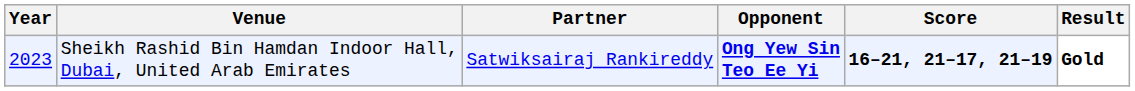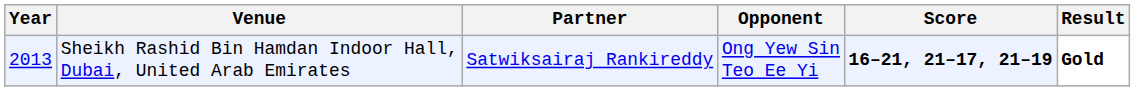 <table class="sortable wikitable" style="font-size: 90%;">
 <tr>
 <th>Year</th>
 <th>Venue</th>
 <th>Partner</th>
 <th>Opponent</th>
 <th>Score</th>
 <th>Result</th>
 </tr>
 <tr style="background:#ECF2FF">
-<td align="center"><a href='#'>2023</a></td>
+<td align="center"><a href='#'>2013</a></td>
 <td align="left">Sheikh Rashid Bin Hamdan Indoor Hall,<br><a href='#'>Dubai</a>, United Arab Emirates</td>
 <td align="left"> <a href='#'>Satwiksairaj Rankireddy</a></td>
-<td align="left"><strong> <a href='#'>Ong Yew Sin</a><br> <a href='#'>Teo Ee Yi</a></strong></td>
+<td align="left"> <a href='#'>Ong Yew Sin</a><br> <a href='#'>Teo Ee Yi</a></td>
 <td align="left"><strong>16–21, 21–17, 21–19</strong></td>
 <td style="text-align:left; background:white"> <strong>Gold</strong></td>
 </tr>
 </table>
